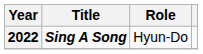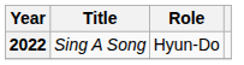 <table class="wikitable sortable plainrowheaders">
 <tr>
 <th scope="col">Year</th>
 <th scope="col">Title</th>
 <th scope="col">Role</th>
 <th scope="col" class="unsortable"></th>
 </tr>
 <tr>
 <th scope="row">2022</th>
-<td><strong><em>Sing A Song</em></strong></td>
+<td><em>Sing A Song</em></td>
 <td>Hyun-Do</td>
 <td style="text-align:center;"></td>
 </tr>
 <tr>
 </tr>
 </table>
